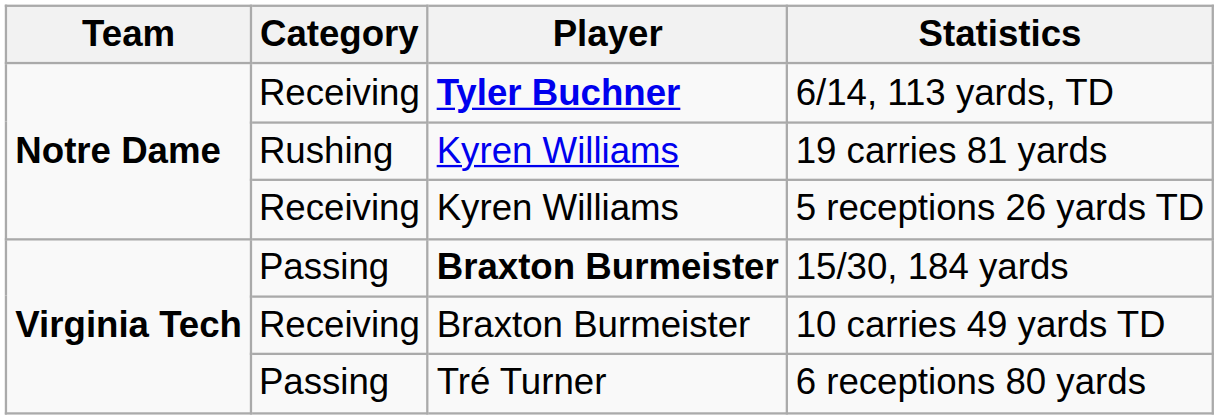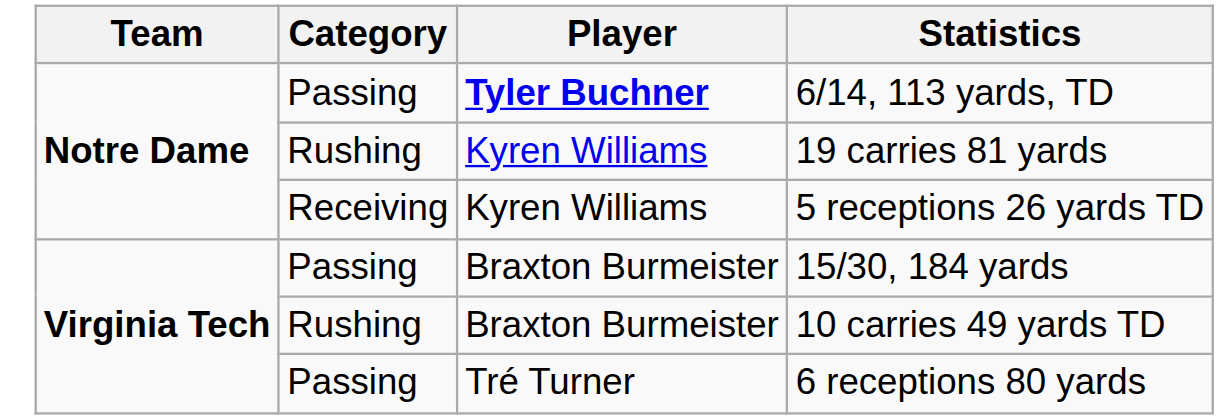 <table class="wikitable" style="float: right;">
 <tr>
 <th>Team</th>
 <th>Category</th>
 <th>Player</th>
 <th>Statistics</th>
 </tr>
 <tr>
 <td rowspan=3><strong>Notre Dame</strong></td>
-<td>Receiving</td>
+<td>Passing</td>
 <td><strong><a href='#'>Tyler Buchner</a></strong></td>
 <td>6/14, 113 yards, TD</td>
 </tr>
 <tr>
 <td>Rushing</td>
 <td><a href='#'>Kyren Williams</a></td>
 <td>19 carries 81 yards</td>
 </tr>
 <tr>
 <td>Receiving</td>
 <td>Kyren Williams</td>
 <td>5 receptions 26 yards TD</td>
 </tr>
 <tr>
 <td rowspan=3><strong>Virginia Tech</strong></td>
 <td>Passing</td>
-<td><strong>Braxton Burmeister</strong></td>
+<td>Braxton Burmeister</td>
 <td>15/30, 184 yards</td>
 </tr>
 <tr>
-<td>Receiving</td>
+<td>Rushing</td>
 <td>Braxton Burmeister</td>
 <td>10 carries 49 yards TD</td>
 </tr>
 <tr>
 <td>Passing</td>
 <td>Tré Turner</td>
 <td>6 receptions 80 yards</td>
 </tr>
 </table>
